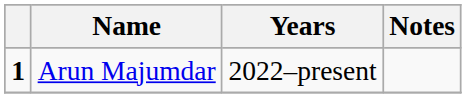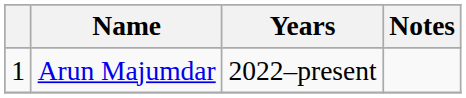 <table class="wikitable">
 <tr>
 <th></th>
 <th>Name</th>
 <th>Years</th>
 <th>Notes</th>
 </tr>
 <tr>
-<td><strong>1</strong></td>
+<td>1</td>
 <td><a href='#'>Arun Majumdar</a></td>
 <td>2022–present</td>
 <td></td>
 </tr>
 <tr>
 </tr>
 </table>
